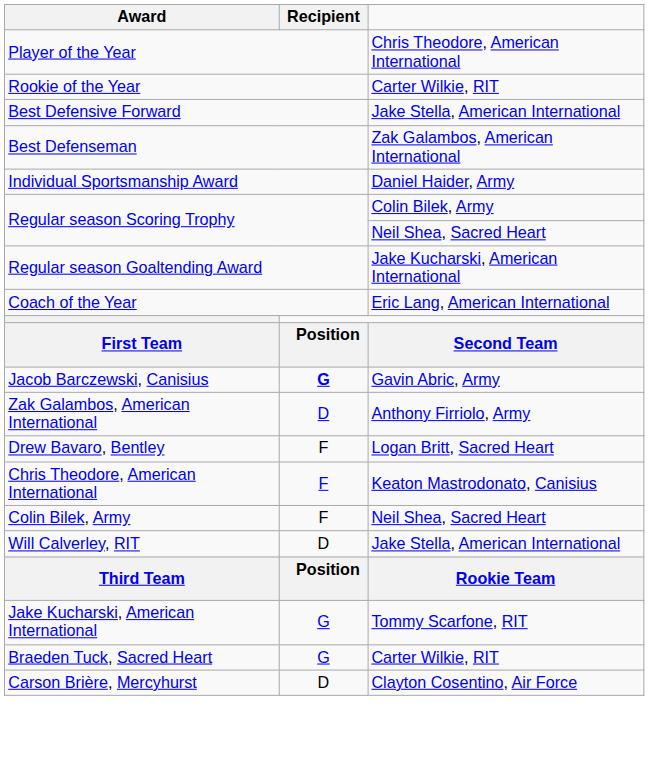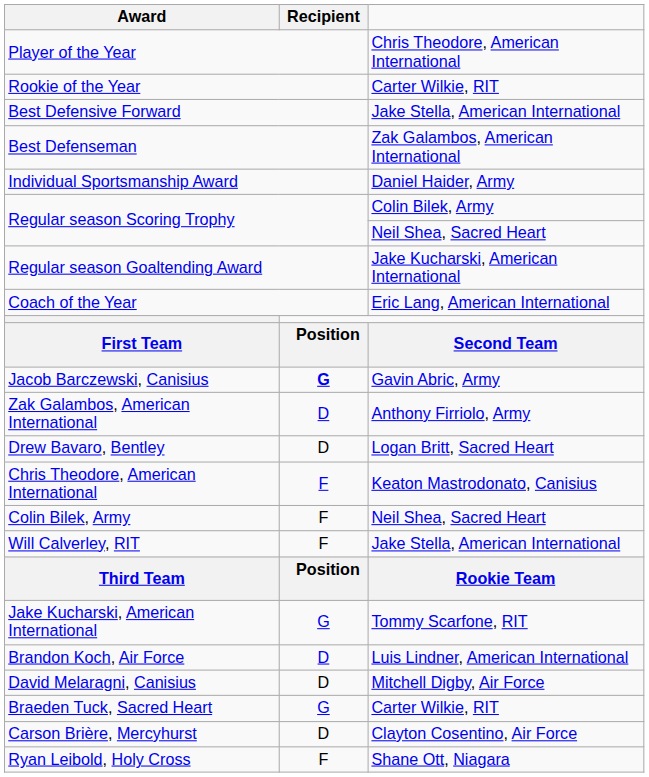 <table class="wikitable" width=40%>
 <tr>
 <th>Award </th>
 <th>Recipient</th>
 </tr>
 <tr>
 <td colspan=2><a href='#'>Player of the Year</a></td>
 <td><a href='#'>Chris Theodore</a>, <a href='#'>American International</a></td>
 </tr>
 <tr>
 <td colspan=2><a href='#'>Rookie of the Year</a></td>
 <td><a href='#'>Carter Wilkie</a>, <a href='#'>RIT</a></td>
 </tr>
 <tr>
 <td colspan=2><a href='#'>Best Defensive Forward</a></td>
 <td><a href='#'>Jake Stella</a>, <a href='#'>American International</a></td>
 </tr>
 <tr>
 <td colspan=2><a href='#'>Best Defenseman</a></td>
 <td><a href='#'>Zak Galambos</a>, <a href='#'>American International</a></td>
 </tr>
 <tr>
 <td colspan=2><a href='#'>Individual Sportsmanship Award</a></td>
 <td><a href='#'>Daniel Haider</a>, <a href='#'>Army</a></td>
 </tr>
 <tr>
 <td colspan=2, rowspan=2><a href='#'>Regular season Scoring Trophy</a></td>
 <td><a href='#'>Colin Bilek</a>, <a href='#'>Army</a></td>
 </tr>
 <tr>
 <td><a href='#'>Neil Shea</a>, <a href='#'>Sacred Heart</a></td>
 </tr>
 <tr>
 <td colspan=2><a href='#'>Regular season Goaltending Award</a></td>
 <td><a href='#'>Jake Kucharski</a>, <a href='#'>American International</a></td>
 </tr>
 <tr>
 <td colspan=2><a href='#'>Coach of the Year</a></td>
 <td><a href='#'>Eric Lang</a>, <a href='#'>American International</a></td>
 </tr>
 <tr>
 <th><a href='#'></a></th>
 </tr>
 <tr>
 <th><a href='#'>First Team</a></th>
 <th>  Position  </th>
 <th><a href='#'>Second Team</a></th>
 </tr>
 <tr>
 <td><a href='#'>Jacob Barczewski</a>, <a href='#'>Canisius</a></td>
 <td align=center><strong><a href='#'>G</a></strong></td>
 <td><a href='#'>Gavin Abric</a>, <a href='#'>Army</a></td>
 </tr>
 <tr>
 <td><a href='#'>Zak Galambos</a>, <a href='#'>American International</a></td>
 <td align=center><a href='#'>D</a></td>
 <td><a href='#'>Anthony Firriolo</a>, <a href='#'>Army</a></td>
 </tr>
 <tr>
 <td><a href='#'>Drew Bavaro</a>, <a href='#'>Bentley</a></td>
-<td align=center>F</td>
+<td align=center>D</td>
 <td><a href='#'>Logan Britt</a>, <a href='#'>Sacred Heart</a></td>
 </tr>
 <tr>
 <td><a href='#'>Chris Theodore</a>, <a href='#'>American International</a></td>
 <td align=center><a href='#'>F</a></td>
 <td><a href='#'>Keaton Mastrodonato</a>, <a href='#'>Canisius</a></td>
 </tr>
 <tr>
 <td><a href='#'>Colin Bilek</a>, <a href='#'>Army</a></td>
 <td align=center>F</td>
 <td><a href='#'>Neil Shea</a>, <a href='#'>Sacred Heart</a></td>
 </tr>
 <tr>
 <td><a href='#'>Will Calverley</a>, <a href='#'>RIT</a></td>
-<td align=center>D</td>
+<td align=center>F</td>
 <td><a href='#'>Jake Stella</a>, <a href='#'>American International</a></td>
 </tr>
 <tr>
 <th><a href='#'>Third Team</a></th>
 <th>  Position  </th>
 <th><a href='#'>Rookie Team</a></th>
 </tr>
 <tr>
 <td><a href='#'>Jake Kucharski</a>, <a href='#'>American International</a></td>
 <td align=center><a href='#'>G</a></td>
 <td><a href='#'>Tommy Scarfone</a>, <a href='#'>RIT</a></td>
 </tr>
 <tr>
+<td><a href='#'>Brandon Koch</a>, <a href='#'>Air Force</a></td>
+<td align=center><a href='#'>D</a></td>
+<td><a href='#'>Luis Lindner</a>, <a href='#'>American International</a></td>
+</tr>
+<tr>
+<td><a href='#'>David Melaragni</a>, <a href='#'>Canisius</a></td>
+<td align=center>D</td>
+<td><a href='#'>Mitchell Digby</a>, <a href='#'>Air Force</a></td>
+</tr>
+<tr>
 <td><a href='#'>Braeden Tuck</a>, <a href='#'>Sacred Heart</a></td>
 <td align=center><a href='#'>G</a></td>
 <td><a href='#'>Carter Wilkie</a>, <a href='#'>RIT</a></td>
 </tr>
 <tr>
 <td><a href='#'>Carson Brière</a>, <a href='#'>Mercyhurst</a></td>
 <td align=center>D</td>
 <td><a href='#'>Clayton Cosentino</a>, <a href='#'>Air Force</a></td>
 </tr>
+<tr>
+<td><a href='#'>Ryan Leibold</a>, <a href='#'>Holy Cross</a></td>
+<td align=center>F</td>
+<td><a href='#'>Shane Ott</a>, <a href='#'>Niagara</a></td>
+</tr>
 </table>
